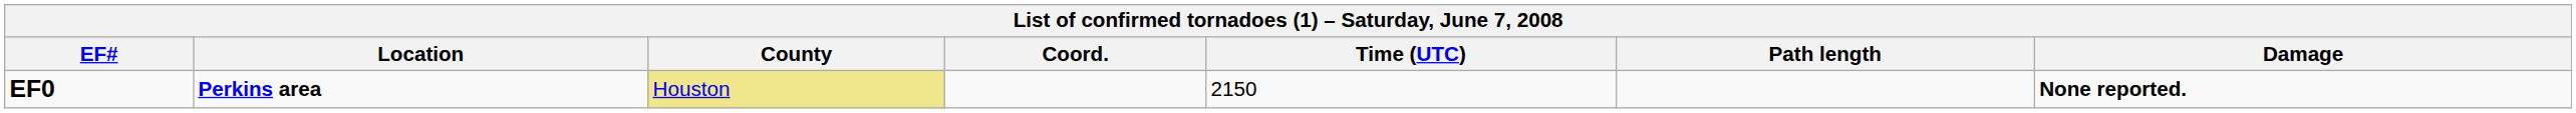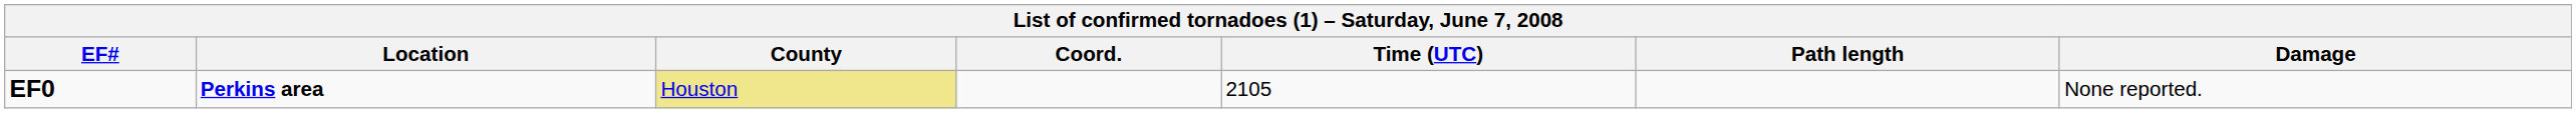 <table class="wikitable collapsible" width="100%">
 <tr>
 <th colspan="7">List of confirmed tornadoes (1) – Saturday, June 7, 2008</th>
 </tr>
 <tr>
 <th><a href='#'>EF#</a></th>
 <th>Location</th>
 <th>County</th>
 <th>Coord.</th>
 <th>Time (<a href='#'>UTC</a>)</th>
 <th>Path length</th>
 <th>Damage</th>
 </tr>
 <tr>
 <td><big><strong>EF0</strong></big></td>
 <td><strong><a href='#'>Perkins</a> area</strong></td>
 <td style="background: khaki;"><a href='#'>Houston</a></td>
 <td></td>
-<td>2150</td>
+<td>2105</td>
 <td></td>
-<td><strong>None reported.</strong></td>
+<td>None reported.</td>
 </tr>
 </table>
